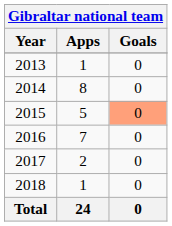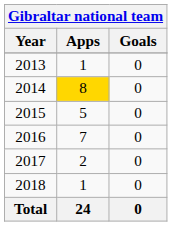 <table class="wikitable" style="text-align:center">
 <tr>
 <th colspan=5><a href='#'>Gibraltar national team</a></th>
 </tr>
 <tr>
 <th>Year</th>
 <th>Apps</th>
 <th>Goals</th>
 </tr>
 <tr>
 </tr>
 <tr>
 <td>2013</td>
 <td>1</td>
 <td>0</td>
 </tr>
 <tr>
 <td>2014</td>
-<td>8</td>
+<td style="background: gold;">8</td>
 <td>0</td>
 </tr>
 <tr>
 <td>2015</td>
 <td>5</td>
-<td style="background: lightsalmon;">0</td>
+<td>0</td>
 </tr>
 <tr>
 <td>2016</td>
 <td>7</td>
 <td>0</td>
 </tr>
 <tr>
 <td>2017</td>
 <td>2</td>
 <td>0</td>
 </tr>
 <tr>
 <td>2018</td>
 <td>1</td>
 <td>0</td>
 </tr>
 <tr>
 <th>Total</th>
 <th>24</th>
 <th>0</th>
 </tr>
 </table>
